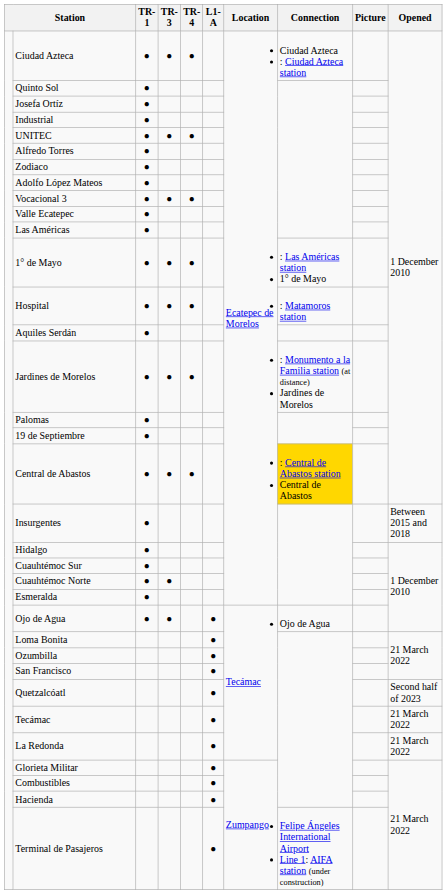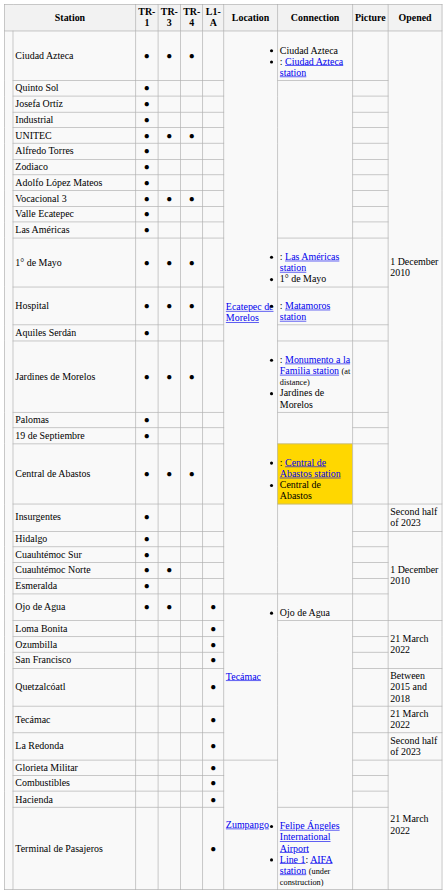 <table width="80%"  class="wikitable">
 <tr>
 <th colspan="2" align="center" width="30%">Station</th>
 <th align="center">TR-1</th>
 <th align="center">TR-3</th>
 <th align="center">TR-4</th>
 <th align="center">L1-A</th>
 <th align="center">Location</th>
 <th align="center">Connection</th>
 <th align="center">Picture</th>
 <th align="center">Opened</th>
 </tr>
 <tr>
 <td rowspan="34" width="2%"></td>
 <td> Ciudad Azteca</td>
 <td align="center">●</td>
 <td align="center">●</td>
 <td align="center">●</td>
 <td align="center"></td>
 <td rowspan="23"><a href='#'>Ecatepec de Morelos</a></td>
 <td><br><li> Ciudad Azteca</li> <li> : <a href='#'>Ciudad Azteca station</a></td>
 <td></td>
 <td rowspan="18">1 December 2010</td>
 </tr>
 <tr>
 <td> Quinto Sol</td>
 <td align="center">●</td>
 <td align="center"></td>
 <td align="center"></td>
 <td align="center"></td>
 <td rowspan="10"></td>
 <td></td>
 </tr>
 <tr>
 <td> Josefa Ortíz</td>
 <td align="center">●</td>
 <td align="center"></td>
 <td align="center"></td>
 <td align="center"></td>
 <td></td>
 </tr>
 <tr>
 <td> Industrial</td>
 <td align="center">●</td>
 <td align="center"></td>
 <td align="center"></td>
 <td align="center"></td>
 <td></td>
 </tr>
 <tr>
 <td> UNITEC</td>
 <td align="center">●</td>
 <td align="center">●</td>
 <td align="center">●</td>
 <td align="center"></td>
 <td></td>
 </tr>
 <tr>
 <td> Alfredo Torres</td>
 <td align="center">●</td>
 <td align="center"></td>
 <td align="center"></td>
 <td align="center"></td>
 <td></td>
 </tr>
 <tr>
 <td> Zodiaco</td>
 <td align="center">●</td>
 <td align="center"></td>
 <td align="center"></td>
 <td align="center"></td>
 <td></td>
 </tr>
 <tr>
 <td> Adolfo López Mateos</td>
 <td align="center">●</td>
 <td align="center"></td>
 <td align="center"></td>
 <td align="center"></td>
 <td></td>
 </tr>
 <tr>
 <td> Vocacional 3</td>
 <td align="center">●</td>
 <td align="center">●</td>
 <td align="center">●</td>
 <td align="center"></td>
 <td></td>
 </tr>
 <tr>
 <td> Valle Ecatepec</td>
 <td align="center">●</td>
 <td align="center"></td>
 <td align="center"></td>
 <td align="center"></td>
 <td></td>
 </tr>
 <tr>
 <td> Las Américas</td>
 <td align="center">●</td>
 <td align="center"></td>
 <td align="center"></td>
 <td align="center"></td>
 <td></td>
 </tr>
 <tr>
 <td> 1° de Mayo</td>
 <td align="center">●</td>
 <td align="center">●</td>
 <td align="center">●</td>
 <td align="center"></td>
 <td><br><li> : <a href='#'>Las Américas station</a></li> <li> 1° de Mayo</td>
 <td></td>
 </tr>
 <tr>
 <td> Hospital</td>
 <td align="center">●</td>
 <td align="center">●</td>
 <td align="center">●</td>
 <td align="center"></td>
 <td><br><li> : <a href='#'>Matamoros station</a></li></td>
 <td></td>
 </tr>
 <tr>
 <td> Aquiles Serdán</td>
 <td align="center">●</td>
 <td align="center"></td>
 <td align="center"></td>
 <td align="center"></td>
 <td></td>
 <td></td>
 </tr>
 <tr>
 <td> Jardines de Morelos</td>
 <td align="center">●</td>
 <td align="center">●</td>
 <td align="center">●</td>
 <td align="center"></td>
 <td><br><li> : <a href='#'>Monumento a la Familia station</a> <small>(at distance)</small></li> <li> Jardines de Morelos</td>
 <td></td>
 </tr>
 <tr>
 <td> Palomas</td>
 <td align="center">●</td>
 <td align="center"></td>
 <td align="center"></td>
 <td align="center"></td>
 <td rowspan="2"></td>
 <td></td>
 </tr>
 <tr>
 <td> 19 de Septiembre</td>
 <td align="center">●</td>
 <td align="center"></td>
 <td align="center"></td>
 <td align="center"></td>
 <td></td>
 </tr>
 <tr>
 <td> Central de Abastos</td>
 <td align="center">●</td>
 <td align="center">●</td>
 <td align="center">●</td>
 <td align="center"></td>
 <td style="background: gold;"><br><li> : <a href='#'>Central de Abastos station</a></li> <li> Central de Abastos</td>
 <td></td>
 </tr>
 <tr>
 <td> Insurgentes</td>
 <td align="center">●</td>
 <td align="center"></td>
 <td align="center"></td>
 <td align="center"></td>
 <td rowspan="5"></td>
 <td></td>
-<td>Between 2015 and 2018</td>
+<td>Second half of 2023</td>
 </tr>
 <tr>
 <td> Hidalgo</td>
 <td align="center">●</td>
 <td align="center"></td>
 <td align="center"></td>
 <td align="center"></td>
 <td></td>
 <td rowspan="5">1 December 2010</td>
 </tr>
 <tr>
 <td> Cuauhtémoc Sur</td>
 <td align="center">●</td>
 <td align="center"></td>
 <td align="center"></td>
 <td align="center"></td>
 <td></td>
 </tr>
 <tr>
 <td> Cuauhtémoc Norte</td>
 <td align="center">●</td>
 <td align="center">●</td>
 <td align="center"></td>
 <td align="center"></td>
 <td></td>
 </tr>
 <tr>
 <td> Esmeralda</td>
 <td align="center">●</td>
 <td align="center"></td>
 <td align="center"></td>
 <td></td>
 <td></td>
 </tr>
 <tr>
 <td> Ojo de Agua</td>
 <td align="center">●</td>
 <td align="center">●</td>
 <td align="center"></td>
 <td align="center">●</td>
 <td rowspan="7"><a href='#'>Tecámac</a></td>
 <td><br><li> Ojo de Agua</td>
 <td></td>
 </tr>
 <tr>
 <td> Loma Bonita</td>
 <td align="center"></td>
 <td align="center"></td>
 <td align="center"></td>
 <td align="center">●</td>
 <td rowspan="9"></td>
 <td></td>
 <td rowspan="3">21 March 2022</td>
 </tr>
 <tr>
 <td> Ozumbilla</td>
 <td align="center"></td>
 <td align="center"></td>
 <td align="center"></td>
 <td align="center">●</td>
 <td></td>
 </tr>
 <tr>
 <td> San Francisco</td>
 <td align="center"></td>
 <td align="center"></td>
 <td align="center"></td>
 <td align="center">●</td>
 <td></td>
 </tr>
 <tr>
 <td> Quetzalcóatl</td>
 <td align="center"></td>
 <td align="center"></td>
 <td align="center"></td>
 <td align="center">●</td>
 <td></td>
-<td>Second half of 2023</td>
+<td>Between 2015 and 2018</td>
 </tr>
 <tr>
 <td> Tecámac</td>
 <td align="center"></td>
 <td align="center"></td>
 <td align="center"></td>
 <td align="center">●</td>
 <td></td>
 <td>21 March 2022</td>
 </tr>
 <tr>
 <td> La Redonda</td>
 <td align="center"></td>
 <td align="center"></td>
 <td align="center"></td>
 <td align="center">●</td>
 <td></td>
-<td>21 March 2022</td>
+<td>Second half of 2023</td>
 </tr>
 <tr>
 <td> Glorieta Militar</td>
 <td align="center"></td>
 <td align="center"></td>
 <td align="center"></td>
 <td align="center">●</td>
 <td rowspan="4"><a href='#'>Zumpango</a></td>
 <td></td>
 <td rowspan="4">21 March 2022</td>
 </tr>
 <tr>
 <td> Combustibles</td>
 <td align="center"></td>
 <td align="center"></td>
 <td align="center"></td>
 <td align="center">●</td>
 <td></td>
 </tr>
 <tr>
 <td> Hacienda</td>
 <td align="center"></td>
 <td align="center"></td>
 <td align="center"></td>
 <td align="center">●</td>
 <td></td>
 </tr>
 <tr>
 <td> Terminal de Pasajeros</td>
 <td align="center"></td>
 <td align="center"></td>
 <td align="center"></td>
 <td align="center">●</td>
 <td><br><li>  <a href='#'>Felipe Ángeles International Airport</a></li> <li>  <a href='#'>Line 1</a>: <a href='#'>AIFA station</a> <small>(under construction)</small></td>
 <td></td>
 </tr>
 </table>
